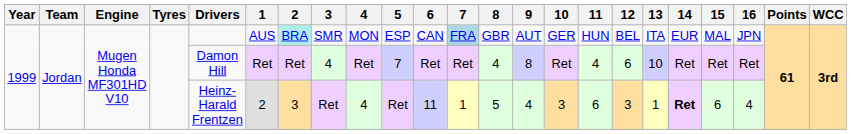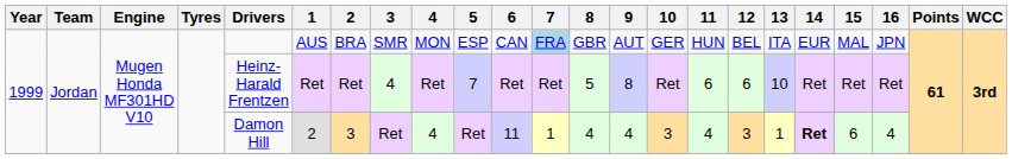 <table class="wikitable" style="text-align:center; font-size:95%">
 <tr>
 <th>Year</th>
 <th>Team</th>
 <th>Engine</th>
 <th>Tyres</th>
 <th>Drivers</th>
 <th>1</th>
 <th>2</th>
 <th>3</th>
 <th>4</th>
 <th>5</th>
 <th>6</th>
 <th>7</th>
 <th>8</th>
 <th>9</th>
 <th>10</th>
 <th>11</th>
 <th>12</th>
 <th>13</th>
 <th>14</th>
 <th>15</th>
 <th>16</th>
 <th>Points</th>
 <th>WCC</th>
 </tr>
 <tr>
 <td rowspan="3"><a href='#'>1999</a></td>
 <td rowspan="3"><a href='#'>Jordan</a></td>
 <td rowspan="3"><a href='#'>Mugen Honda MF301HD</a> <a href='#'>V10</a></td>
 <td rowspan="3"></td>
 <td></td>
 <td><a href='#'>AUS</a></td>
-<td style="background: paleturquoise;"><a href='#'>BRA</a></td>
+<td><a href='#'>BRA</a></td>
 <td><a href='#'>SMR</a></td>
 <td><a href='#'>MON</a></td>
 <td><a href='#'>ESP</a></td>
 <td><a href='#'>CAN</a></td>
 <td style="background: lightblue;"><a href='#'>FRA</a></td>
 <td><a href='#'>GBR</a></td>
 <td><a href='#'>AUT</a></td>
 <td><a href='#'>GER</a></td>
 <td><a href='#'>HUN</a></td>
 <td><a href='#'>BEL</a></td>
 <td><a href='#'>ITA</a></td>
 <td><a href='#'>EUR</a></td>
 <td><a href='#'>MAL</a></td>
 <td><a href='#'>JPN</a></td>
 <td rowspan="3" style="background:#FFDF9F;"><strong>61</strong></td>
 <td rowspan="3" style="background:#FFDF9F;"><strong>3rd</strong></td>
 </tr>
 <tr>
-<td><a href='#'>Damon Hill</a></td>
+<td><a href='#'>Heinz-Harald Frentzen</a></td>
 <td style="background:#EFCFFF;">Ret</td>
 <td style="background:#EFCFFF;">Ret</td>
 <td style="background:#DFFFDF;">4</td>
 <td style="background:#EFCFFF;">Ret</td>
 <td style="background:#CFCFFF;">7</td>
 <td style="background:#EFCFFF;">Ret</td>
 <td style="background:#EFCFFF;">Ret</td>
-<td style="background:#DFFFDF;">4</td>
+<td style="background:#DFFFDF;">5</td>
 <td style="background:#CFCFFF;">8</td>
 <td style="background:#EFCFFF;">Ret</td>
-<td style="background:#DFFFDF;">4</td>
+<td style="background:#DFFFDF;">6</td>
 <td style="background:#DFFFDF;">6</td>
 <td style="background:#CFCFFF;">10</td>
 <td style="background:#EFCFFF;">Ret</td>
 <td style="background:#EFCFFF;">Ret</td>
 <td style="background:#EFCFFF;">Ret</td>
 </tr>
 <tr>
-<td><a href='#'>Heinz-Harald Frentzen</a></td>
+<td><a href='#'>Damon Hill</a></td>
 <td style="background:#DFDFDF;">2</td>
 <td style="background:#FFDF9F;">3</td>
 <td style="background:#EFCFFF;">Ret</td>
 <td style="background:#DFFFDF;">4</td>
 <td style="background:#EFCFFF;">Ret</td>
 <td style="background:#CFCFFF;">11</td>
 <td style="background:#FFFFBF;">1</td>
-<td style="background:#DFFFDF;">5</td>
+<td style="background:#DFFFDF;">4</td>
 <td style="background:#DFFFDF;">4</td>
 <td style="background:#FFDF9F;">3</td>
-<td style="background:#DFFFDF;">6</td>
+<td style="background:#DFFFDF;">4</td>
 <td style="background:#FFDF9F;">3</td>
 <td style="background:#FFFFBF;">1</td>
 <td style="background:#EFCFFF;"><strong>Ret</strong></td>
 <td style="background:#DFFFDF;">6</td>
 <td style="background:#DFFFDF;">4</td>
 </tr>
 </table>
